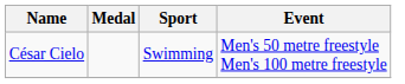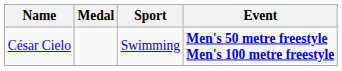 <table class="wikitable" style="font-size:90%">
 <tr>
 <th>Name</th>
 <th>Medal</th>
 <th>Sport</th>
 <th>Event</th>
 </tr>
 <tr>
 <td><a href='#'>César Cielo</a></td>
 <td><br></td>
 <td><a href='#'>Swimming</a></td>
-<td><a href='#'>Men's 50 metre freestyle</a><br><a href='#'>Men's 100 metre freestyle</a></td>
+<td><strong><a href='#'>Men's 50 metre freestyle</a><br><a href='#'>Men's 100 metre freestyle</a></strong></td>
 </tr>
 <tr>
 </tr>
 </table>
